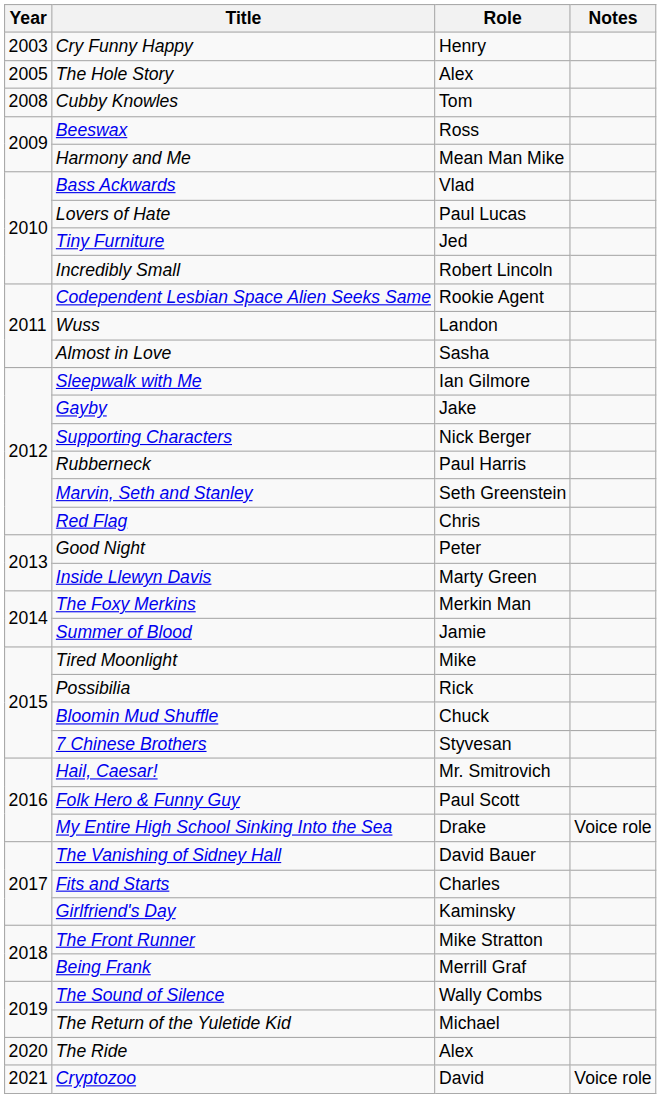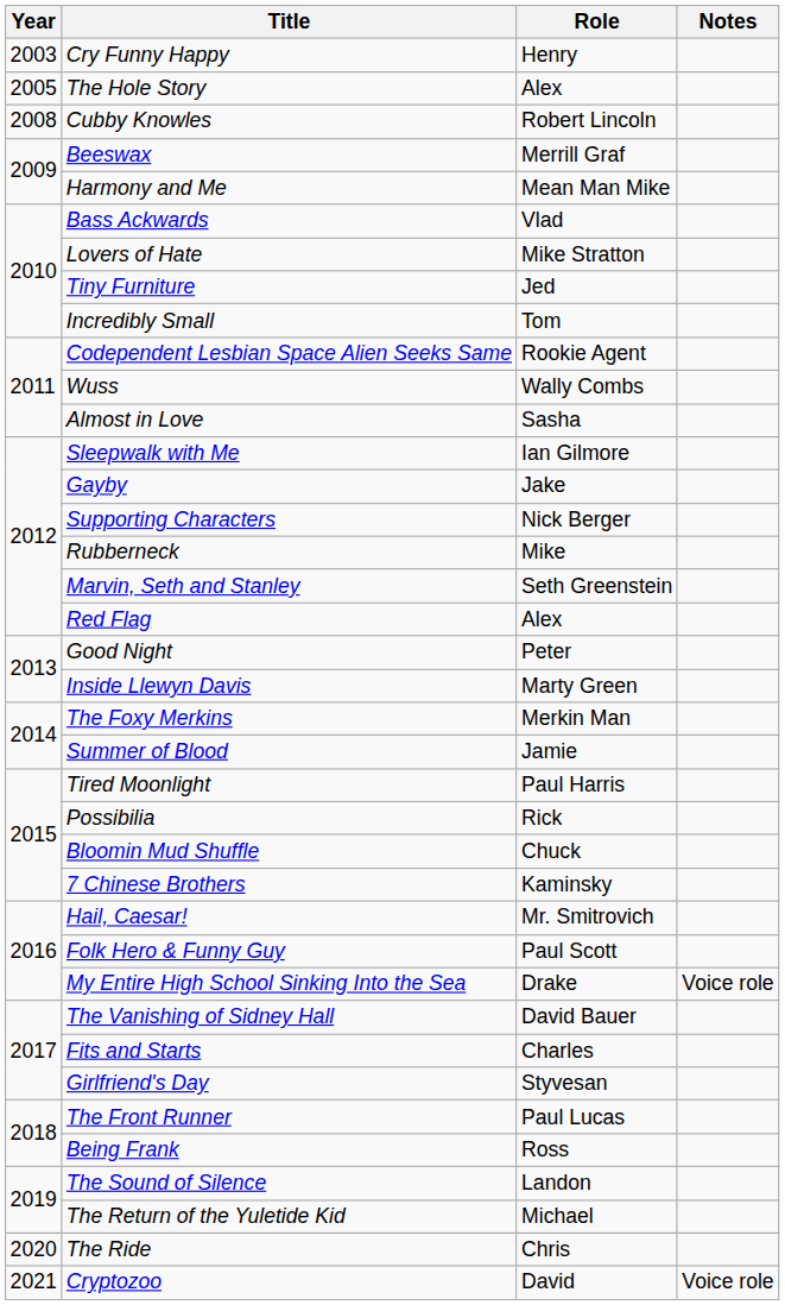 <table class="wikitable sortable">
 <tr>
 <th>Year</th>
 <th>Title</th>
 <th>Role</th>
 <th>Notes</th>
 </tr>
 <tr>
 <td>2003</td>
 <td><em>Cry Funny Happy</em></td>
 <td>Henry</td>
 <td></td>
 </tr>
 <tr>
 <td>2005</td>
 <td><em>The Hole Story</em></td>
 <td>Alex</td>
 <td></td>
 </tr>
 <tr>
 <td>2008</td>
 <td><em>Cubby Knowles</em></td>
-<td>Tom</td>
+<td>Robert Lincoln</td>
 <td></td>
 </tr>
 <tr>
 <td rowspan=2>2009</td>
 <td><em><a href='#'>Beeswax</a></em></td>
-<td>Ross</td>
+<td>Merrill Graf</td>
 <td></td>
 </tr>
 <tr>
 <td><em>Harmony and Me</em></td>
 <td>Mean Man Mike</td>
 <td></td>
 </tr>
 <tr>
 <td rowspan=4>2010</td>
 <td><em><a href='#'>Bass Ackwards</a></em></td>
 <td>Vlad</td>
 <td></td>
 </tr>
 <tr>
 <td><em>Lovers of Hate</em></td>
-<td>Paul Lucas</td>
+<td>Mike Stratton</td>
 <td></td>
 </tr>
 <tr>
 <td><em><a href='#'>Tiny Furniture</a></em></td>
 <td>Jed</td>
 <td></td>
 </tr>
 <tr>
 <td><em>Incredibly Small</em></td>
-<td>Robert Lincoln</td>
+<td>Tom</td>
 <td></td>
 </tr>
 <tr>
 <td rowspan=3>2011</td>
 <td><em><a href='#'>Codependent Lesbian Space Alien Seeks Same</a></em></td>
 <td>Rookie Agent</td>
 <td></td>
 </tr>
 <tr>
 <td><em>Wuss</em></td>
-<td>Landon</td>
+<td>Wally Combs</td>
 <td></td>
 </tr>
 <tr>
 <td><em>Almost in Love</em></td>
 <td>Sasha</td>
 <td></td>
 </tr>
 <tr>
 <td rowspan=6>2012</td>
 <td><em><a href='#'>Sleepwalk with Me</a></em></td>
 <td>Ian Gilmore</td>
 <td></td>
 </tr>
 <tr>
 <td><em><a href='#'>Gayby</a></em></td>
 <td>Jake</td>
 <td></td>
 </tr>
 <tr>
 <td><em><a href='#'>Supporting Characters</a></em></td>
 <td>Nick Berger</td>
 <td></td>
 </tr>
 <tr>
 <td><em>Rubberneck</em></td>
-<td>Paul Harris</td>
+<td>Mike</td>
 <td></td>
 </tr>
 <tr>
 <td><em><a href='#'>Marvin, Seth and Stanley</a></em></td>
 <td>Seth Greenstein</td>
 <td></td>
 </tr>
 <tr>
 <td><em><a href='#'>Red Flag</a></em></td>
-<td>Chris</td>
+<td>Alex</td>
 <td></td>
 </tr>
 <tr>
 <td rowspan=2>2013</td>
 <td><em>Good Night</em></td>
 <td>Peter</td>
 <td></td>
 </tr>
 <tr>
 <td><em><a href='#'>Inside Llewyn Davis</a></em></td>
 <td>Marty Green</td>
 <td></td>
 </tr>
 <tr>
 <td rowspan=2>2014</td>
 <td><em><a href='#'>The Foxy Merkins</a></em></td>
 <td>Merkin Man</td>
 <td></td>
 </tr>
 <tr>
 <td><em><a href='#'>Summer of Blood</a></em></td>
 <td>Jamie</td>
 <td></td>
 </tr>
 <tr>
 <td rowspan=4>2015</td>
 <td><em>Tired Moonlight</em></td>
-<td>Mike</td>
+<td>Paul Harris</td>
 <td></td>
 </tr>
 <tr>
 <td><em>Possibilia</em></td>
 <td>Rick</td>
 <td></td>
 </tr>
 <tr>
 <td><em><a href='#'>Bloomin Mud Shuffle</a></em></td>
 <td>Chuck</td>
 <td></td>
 </tr>
 <tr>
 <td><em><a href='#'>7 Chinese Brothers</a></em></td>
-<td>Styvesan</td>
+<td>Kaminsky</td>
 <td></td>
 </tr>
 <tr>
 <td rowspan=3>2016</td>
 <td><em><a href='#'>Hail, Caesar!</a></em></td>
 <td>Mr. Smitrovich</td>
 <td></td>
 </tr>
 <tr>
 <td><em><a href='#'>Folk Hero & Funny Guy</a></em></td>
 <td>Paul Scott</td>
 <td></td>
 </tr>
 <tr>
 <td><em><a href='#'>My Entire High School Sinking Into the Sea</a></em></td>
 <td>Drake</td>
 <td>Voice role</td>
 </tr>
 <tr>
 <td rowspan=3>2017</td>
 <td><em><a href='#'>The Vanishing of Sidney Hall</a></em></td>
 <td>David Bauer</td>
 <td></td>
 </tr>
 <tr>
 <td><a href='#'><em>Fits and Starts</em></a></td>
 <td>Charles</td>
 <td></td>
 </tr>
 <tr>
 <td><em><a href='#'>Girlfriend's Day</a></em></td>
-<td>Kaminsky</td>
+<td>Styvesan</td>
 <td></td>
 </tr>
 <tr>
 <td rowspan=2>2018</td>
 <td><em><a href='#'>The Front Runner</a></em></td>
-<td>Mike Stratton</td>
+<td>Paul Lucas</td>
 <td></td>
 </tr>
 <tr>
 <td><em><a href='#'>Being Frank</a></em></td>
-<td>Merrill Graf</td>
+<td>Ross</td>
 <td></td>
 </tr>
 <tr>
 <td rowspan=2>2019</td>
 <td><em><a href='#'>The Sound of Silence</a></em></td>
-<td>Wally Combs</td>
+<td>Landon</td>
 <td></td>
 </tr>
 <tr>
 <td><em>The Return of the Yuletide Kid</em></td>
 <td>Michael</td>
 <td></td>
 </tr>
 <tr>
 <td>2020</td>
 <td><em>The Ride</em></td>
-<td>Alex</td>
+<td>Chris</td>
 <td></td>
 </tr>
 <tr>
 <td>2021</td>
 <td><em><a href='#'>Cryptozoo</a></em></td>
 <td>David</td>
 <td>Voice role</td>
 </tr>
 </table>
